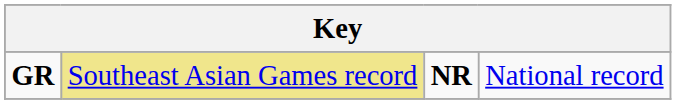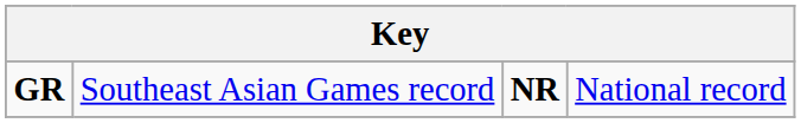 <table class="wikitable" style="font-size:95%; position:relative;">
 <tr>
 <th colspan=4>Key</th>
 </tr>
 <tr>
 <td align=center><strong>GR</strong></td>
-<td style="background: khaki;"><a href='#'>Southeast Asian Games record</a></td>
+<td><a href='#'>Southeast Asian Games record</a></td>
 <td align=center><strong>NR</strong></td>
 <td><a href='#'>National record</a></td>
 </tr>
 </table>
